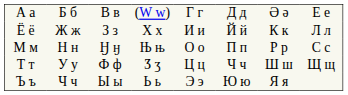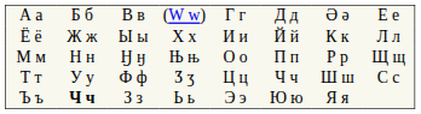 <table style="border-color:#000000; border-width:1px; border-style:solid; border-collapse:collapse; background-color:#F8F8EF;">
 <tr style="font-family:Arial Unicode MS; font-size:1.4em; text-align:center; padding: 3px; width:3em;">
 <td style="width:3em;">А а</td>
 <td style="width:3em;">Б б</td>
 <td style="width:3em;">В в</td>
 <td style="width:3em;">(<a href='#'>Ԝ ԝ</a>)</td>
 <td style="width:3em;">Г г</td>
 <td style="width:3em;">Д д</td>
 <td style="width:3em;">Ә ә</td>
 <td style="width:3em;">Е е</td>
 </tr>
 <tr style="font-family:Arial Unicode MS; font-size:1.4em; text-align:center; padding: 3px; width:3em;">
 <td style="width:3em;">Ё ё</td>
 <td style="width:3em;">Ж ж</td>
-<td style="width:3em;">З з</td>
+<td style="width:3em;">Ы ы</td>
 <td style="width:3em;">Х х</td>
 <td style="width:3em;">И и</td>
 <td style="width:3em;">Й й</td>
 <td style="width:3em;">К к</td>
 <td style="width:3em;">Л л</td>
 </tr>
 <tr style="font-family:Arial Unicode MS; font-size:1.4em; text-align:center; padding: 3px; width:3em;">
 <td style="width:3em;">М м</td>
 <td style="width:3em;">Н н</td>
 <td style="width:3em;">Ӈ ӈ</td>
 <td style="width:3em;">Њ њ</td>
 <td style="width:3em;">О о</td>
 <td style="width:3em;">П п</td>
 <td style="width:3em;">Р р</td>
-<td style="width:3em;">С с</td>
+<td style="width:3em;">Щ щ</td>
 </tr>
 <tr style="font-family:Arial Unicode MS; font-size:1.4em; text-align:center; padding: 3px; width:3em;">
 <td style="width:3em;">Т т</td>
 <td style="width:3em;">У у</td>
 <td style="width:3em;">Ф ф</td>
 <td style="width:3em;">Ӡ ӡ</td>
 <td style="width:3em;">Ц ц</td>
 <td style="width:3em;">Ч ч</td>
 <td style="width:3em;">Ш ш</td>
-<td style="width:3em;">Щ щ</td>
+<td style="width:3em;">С с</td>
 </tr>
 <tr style="font-family:Arial Unicode MS; font-size:1.4em; text-align:center; padding: 3px; width:3em;">
 <td style="width:3em;">Ъ ъ</td>
-<td style="width:3em;">Ч ч</td>
-<td style="width:3em;">Ы ы</td>
+<td style="width:3em;"><strong>Ч ч</strong></td>
+<td style="width:3em;">З з</td>
 <td style="width:3em;">Ь ь</td>
 <td style="width:3em;">Э э</td>
 <td style="width:3em;">Ю ю</td>
 <td style="width:3em;">Я я</td>
 </tr>
 </table>
